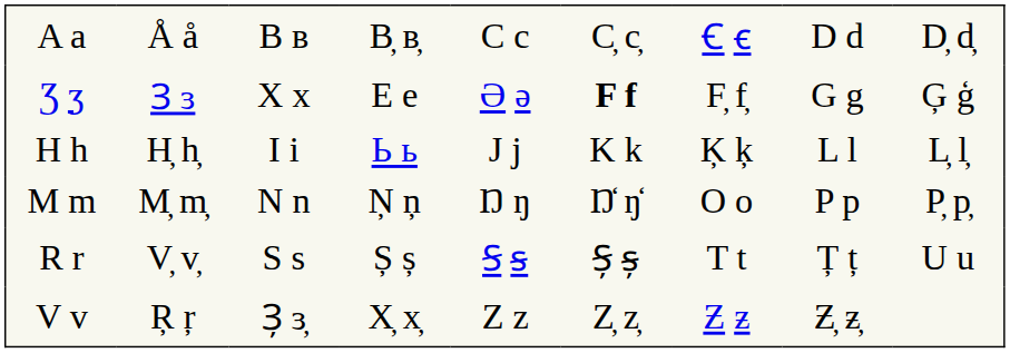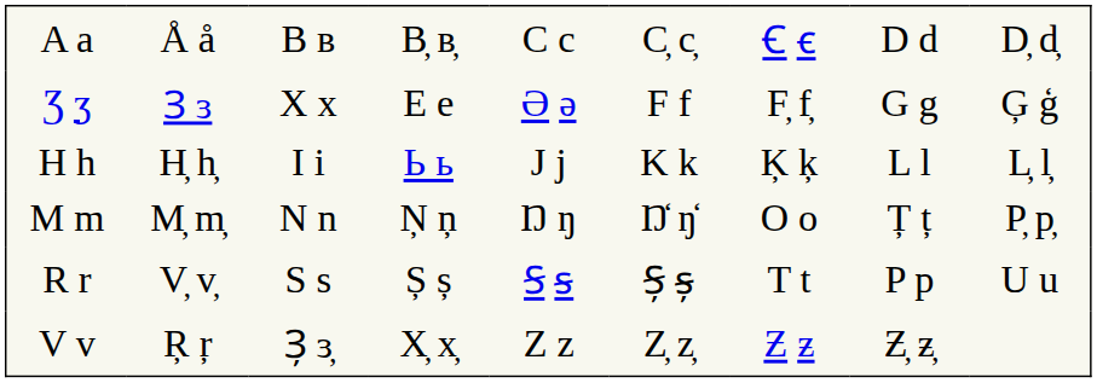 <table style="font-family:Arial Unicode MS; font-size:1.4em; border-color:#000000; border-width:1px; border-style:solid; border-collapse:collapse; background-color:#F8F8EF">
 <tr>
 <td style="width:3em; text-align:center; padding: 3px;">A a</td>
 <td style="width:3em; text-align:center; padding: 3px;">Å å</td>
 <td style="width:3em; text-align:center; padding: 3px;">B ʙ</td>
 <td style="width:3em; text-align:center; padding: 3px;">B̦ ʙ̦</td>
 <td style="width:3em; text-align:center; padding: 3px;">C c</td>
 <td style="width:3em; text-align:center; padding: 3px;">C̦ c̦</td>
 <td style="width:3em; text-align:center; padding: 3px;"><a href='#'>Ꞓ</a> <a href='#'>ꞓ</a></td>
 <td style="width:3em; text-align:center; padding: 3px;">D d</td>
 <td style="width:3em; text-align:center; padding: 3px;">D̦ d̦</td>
 </tr>
 <tr>
 <td style="width:3em; text-align:center; padding: 3px;"><a href='#'>Ʒ</a> <a href='#'>ʒ</a></td>
 <td style="width:3em; text-align:center; padding: 3px;"><a href='#'>Ɜ ɜ</a></td>
 <td style="width:3em; text-align:center; padding: 3px;">X x</td>
 <td style="width:3em; text-align:center; padding: 3px;">E e</td>
 <td style="width:3em; text-align:center; padding: 3px;"><a href='#'>Ə</a> <a href='#'>ə</a></td>
-<td style="width:3em; text-align:center; padding: 3px;"><strong>F f</strong></td>
+<td style="width:3em; text-align:center; padding: 3px;">F f</td>
 <td style="width:3em; text-align:center; padding: 3px;">F̦ f̦</td>
 <td style="width:3em; text-align:center; padding: 3px;">G g</td>
 <td style="width:3em; text-align:center; padding: 3px;">Ģ ģ</td>
 </tr>
 <tr>
 <td style="width:3em; text-align:center; padding: 3px;">H h</td>
 <td style="width:3em; text-align:center; padding: 3px;">H̦ h̦</td>
 <td style="width:3em; text-align:center; padding: 3px;">I i</td>
 <td style="width:3em; text-align:center; padding: 3px;"><a href='#'>Ь ь</a></td>
 <td style="width:3em; text-align:center; padding: 3px;">J j</td>
 <td style="width:3em; text-align:center; padding: 3px;">K k</td>
 <td style="width:3em; text-align:center; padding: 3px;">Ķ ķ</td>
 <td style="width:3em; text-align:center; padding: 3px;">L l</td>
 <td style="width:3em; text-align:center; padding: 3px;">L̦ l̦</td>
 </tr>
 <tr>
 <td style="width:3em; text-align:center; padding: 3px;">M m</td>
 <td style="width:3em; text-align:center; padding: 3px;">M̦ m̦</td>
 <td style="width:3em; text-align:center; padding: 3px;">N n</td>
 <td style="width:3em; text-align:center; padding: 3px;">Ņ ņ</td>
 <td style="width:3em; text-align:center; padding: 3px;">Ŋ ŋ</td>
 <td style="width:3em; text-align:center; padding: 3px;">Ŋ̒ ŋ̒</td>
 <td style="width:3em; text-align:center; padding: 3px;">O o</td>
-<td style="width:3em; text-align:center; padding: 3px;">P p</td>
+<td style="width:3em; text-align:center; padding: 3px;">Ț ț</td>
 <td style="width:3em; text-align:center; padding: 3px;">P̦ p̦</td>
 </tr>
 <tr>
 <td style="width:3em; text-align:center; padding: align:center; padding: 3px;">R r</td>
 <td style="width:3em; text-align:center; padding: 3px;">V̦ v̦</td>
 <td style="width:3em; text-align:center; padding: 3px;">S s</td>
 <td style="width:3em; text-align:center; padding: 3px;">Ș ș</td>
 <td style="width:3em; text-align:center; padding: 3px;"><a href='#'>Ꞩ</a> <a href='#'>ꞩ</a></td>
 <td style="width:3em; text-align:center; padding: 3px;">Ꞩ̦ ꞩ̦</td>
 <td style="width:3em; text-align:center; padding: 3px;">T t</td>
-<td style="width:3em; text-align:center; padding: 3px;">Ț ț</td>
+<td style="width:3em; text-align:center; padding: 3px;">P p</td>
 <td style="width:3em; text-align:center; padding: 3px;">U u</td>
 </tr>
 <tr>
 <td style="width:3em; text-align:center; padding: 3px;">V v</td>
 <td style="width:3em; text-align:center; padding: 3px;">Ŗ ŗ</td>
 <td style="width:3em; text-align:center; padding: 3px;">Ɜ̦ ɜ̦</td>
 <td style="width:3em; text-align:center; padding: 3px;">X̦ x̦</td>
 <td style="width:3em; text-align:center; padding: align:center; padding: 3px;">Z z</td>
 <td style="width:3em; text-align:center; padding: 3px;">Z̦ z̦</td>
 <td style="width:3em; text-align:center; padding: 3px;"><a href='#'>Ƶ</a> <a href='#'>ƶ</a></td>
 <td style="width:3em; text-align:center; padding: 3px;">Ƶ̦ ƶ̦</td>
 <td></td>
 </tr>
 </table>
